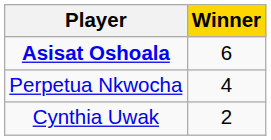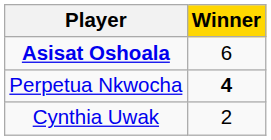 <table class="wikitable" style="text-align:center">
 <tr>
 <th>Player</th>
 <th style="background-color: gold">Winner</th>
 </tr>
 <tr>
 <td><strong><a href='#'>Asisat Oshoala</a></strong></td>
 <td>6</td>
 </tr>
 <tr>
 <td><a href='#'>Perpetua Nkwocha</a></td>
-<td>4</td>
+<td><strong>4</strong></td>
 </tr>
 <tr>
 <td><a href='#'>Cynthia Uwak</a></td>
 <td>2</td>
 </tr>
 </table>
